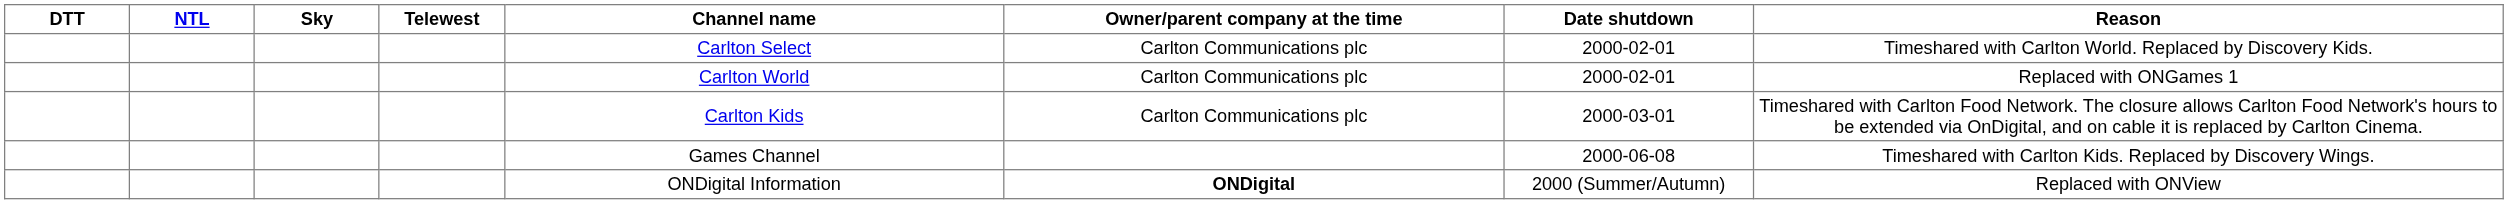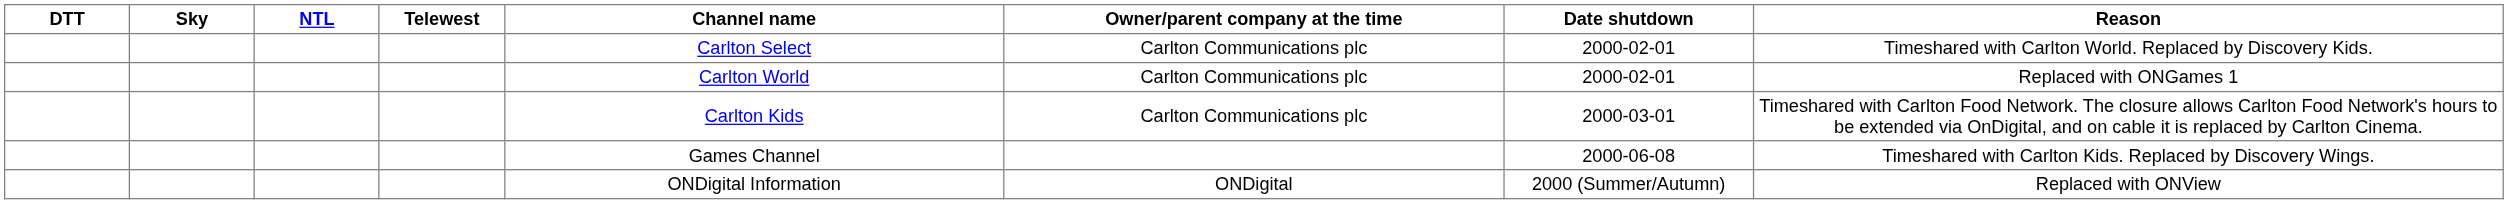 <table class="toccolors sortable" border="1" cellpadding="3" style="border-collapse:collapse; font-size: 90%; text-align:center" width="100%">
 <tr>
 <th width="5%">DTT</th>
+<th width="5%">Sky</th>
 <th width="5%"><a href='#'>NTL</a></th>
-<th width="5%">Sky</th>
 <th width="5%">Telewest</th>
 <th width="20%">Channel name</th>
 <th width="20%">Owner/parent company at the time</th>
 <th width="10%">Date shutdown </th>
 <th width="30%">Reason</th>
 </tr>
 <tr>
 <td></td>
 <td></td>
 <td></td>
 <td></td>
 <td><a href='#'>Carlton Select</a></td>
 <td>Carlton Communications plc</td>
 <td>2000-02-01</td>
 <td>Timeshared with Carlton World. Replaced by Discovery Kids.</td>
 </tr>
 <tr>
 <td></td>
 <td></td>
 <td></td>
 <td></td>
 <td><a href='#'>Carlton World</a></td>
 <td>Carlton Communications plc</td>
 <td>2000-02-01</td>
 <td>Replaced with ONGames 1</td>
 </tr>
 <tr>
 <td></td>
 <td></td>
 <td></td>
 <td></td>
 <td><a href='#'>Carlton Kids</a></td>
 <td>Carlton Communications plc</td>
 <td>2000-03-01</td>
 <td>Timeshared with Carlton Food Network. The closure allows Carlton Food Network's hours to be extended via OnDigital, and on cable it is replaced by Carlton Cinema.</td>
 </tr>
 <tr>
 <td></td>
 <td></td>
 <td></td>
 <td></td>
 <td>Games Channel</td>
 <td></td>
 <td>2000-06-08</td>
 <td>Timeshared with Carlton Kids. Replaced by Discovery Wings.</td>
 </tr>
 <tr>
 <td></td>
 <td></td>
 <td></td>
 <td></td>
 <td>ONDigital Information</td>
-<td><strong>ONDigital</strong></td>
+<td>ONDigital</td>
 <td>2000 (Summer/Autumn)</td>
 <td>Replaced with ONView</td>
 </tr>
 </table>
